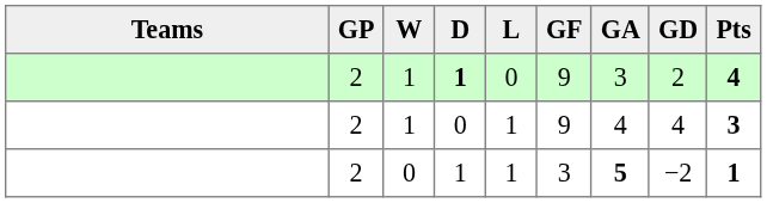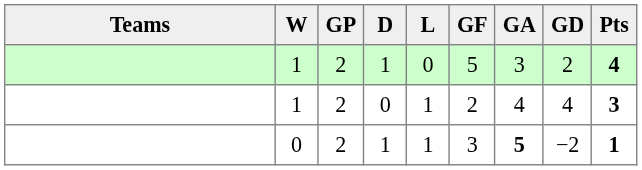 <table style=border-collapse:collapse border=1 cellspacing=0 cellpadding=5>
 <tr align=center bgcolor=#efefef>
 <th width=185>Teams</th>
+<th width=20>W</th>
 <th width=20>GP</th>
-<th width=20>W</th>
 <th width=20>D</th>
 <th width=20>L</th>
 <th width=20>GF</th>
 <th width=20>GA</th>
 <th width=20>GD</th>
 <th width=20>Pts</th>
 </tr>
 <tr align=center style="background:#ccffcc;">
 <td style="text-align:left;"></td>
+<td>1</td>
 <td>2</td>
 <td>1</td>
-<td><strong>1</strong></td>
 <td>0</td>
-<td>9</td>
+<td>5</td>
 <td>3</td>
 <td>2</td>
 <td><strong>4</strong></td>
 </tr>
 <tr align=center>
 <td style="text-align:left;"></td>
+<td>1</td>
 <td>2</td>
-<td>1</td>
 <td>0</td>
 <td>1</td>
-<td>9</td>
+<td>2</td>
 <td>4</td>
 <td>4</td>
 <td><strong>3</strong></td>
 </tr>
 <tr align=center>
 <td style="text-align:left;"></td>
+<td>0</td>
 <td>2</td>
-<td>0</td>
 <td>1</td>
 <td>1</td>
 <td>3</td>
 <td><strong>5</strong></td>
 <td>−2</td>
 <td><strong>1</strong></td>
 </tr>
 </table>
